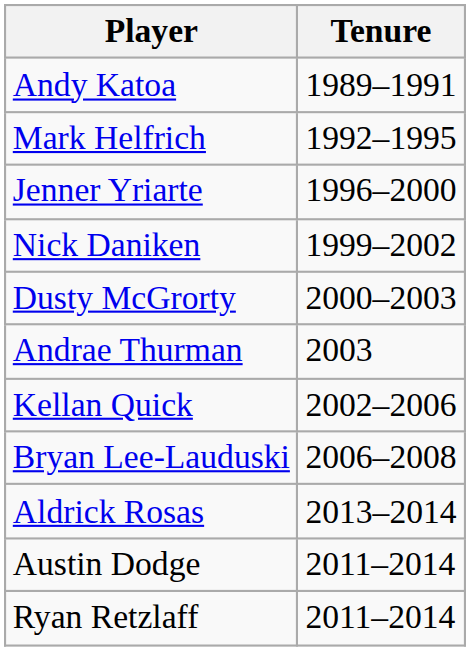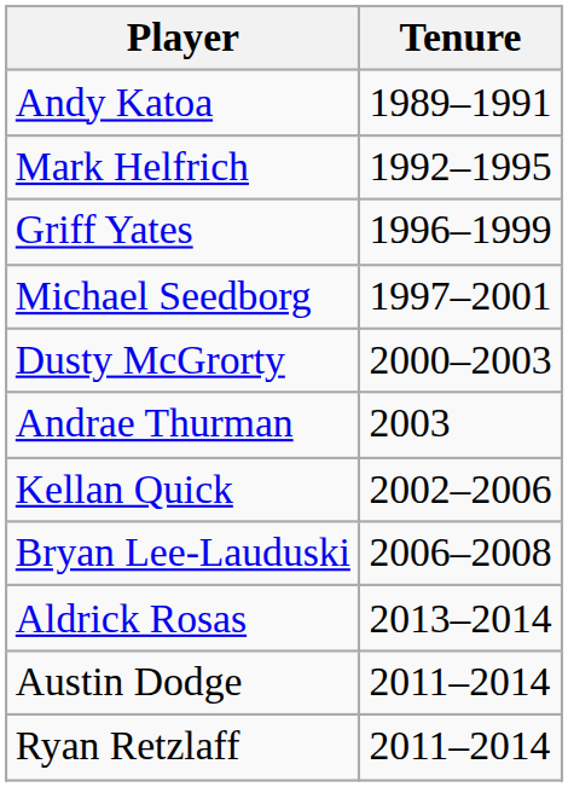 <table class="wikitable"; style= "text-align: ">
 <tr>
 <th width=0px>Player</th>
 <th width=0px>Tenure</th>
 </tr>
 <tr>
 <td><a href='#'>Andy Katoa</a></td>
 <td>1989–1991</td>
 </tr>
 <tr>
 <td><a href='#'>Mark Helfrich</a></td>
 <td>1992–1995</td>
 </tr>
 <tr>
-<td><a href='#'>Jenner Yriarte</a></td>
-<td>1996–2000</td>
+<td><a href='#'>Griff Yates</a></td>
+<td>1996–1999</td>
 </tr>
 <tr>
-<td><a href='#'>Nick Daniken</a></td>
-<td>1999–2002</td>
+<td><a href='#'>Michael Seedborg</a></td>
+<td>1997–2001</td>
 </tr>
 <tr>
 <td><a href='#'>Dusty McGrorty</a></td>
 <td>2000–2003</td>
 </tr>
 <tr>
 <td><a href='#'>Andrae Thurman</a></td>
 <td>2003</td>
 </tr>
 <tr>
 <td><a href='#'>Kellan Quick</a></td>
 <td>2002–2006</td>
 </tr>
 <tr>
 <td><a href='#'>Bryan Lee-Lauduski</a></td>
 <td>2006–2008</td>
 </tr>
 <tr>
 <td><a href='#'>Aldrick Rosas</a></td>
 <td>2013–2014</td>
 </tr>
 <tr>
 <td>Austin Dodge</td>
 <td>2011–2014</td>
 </tr>
 <tr>
 <td>Ryan Retzlaff</td>
 <td>2011–2014</td>
 </tr>
 </table>
